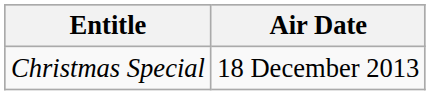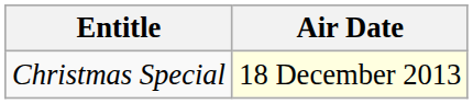 <table class="wikitable" style="text-align:center;">
 <tr>
 <th>Entitle</th>
 <th>Air Date</th>
 </tr>
 <tr>
 <td><em>Christmas Special</em></td>
-<td>18 December 2013</td>
+<td style="background: lightyellow;">18 December 2013</td>
 </tr>
 </table>
